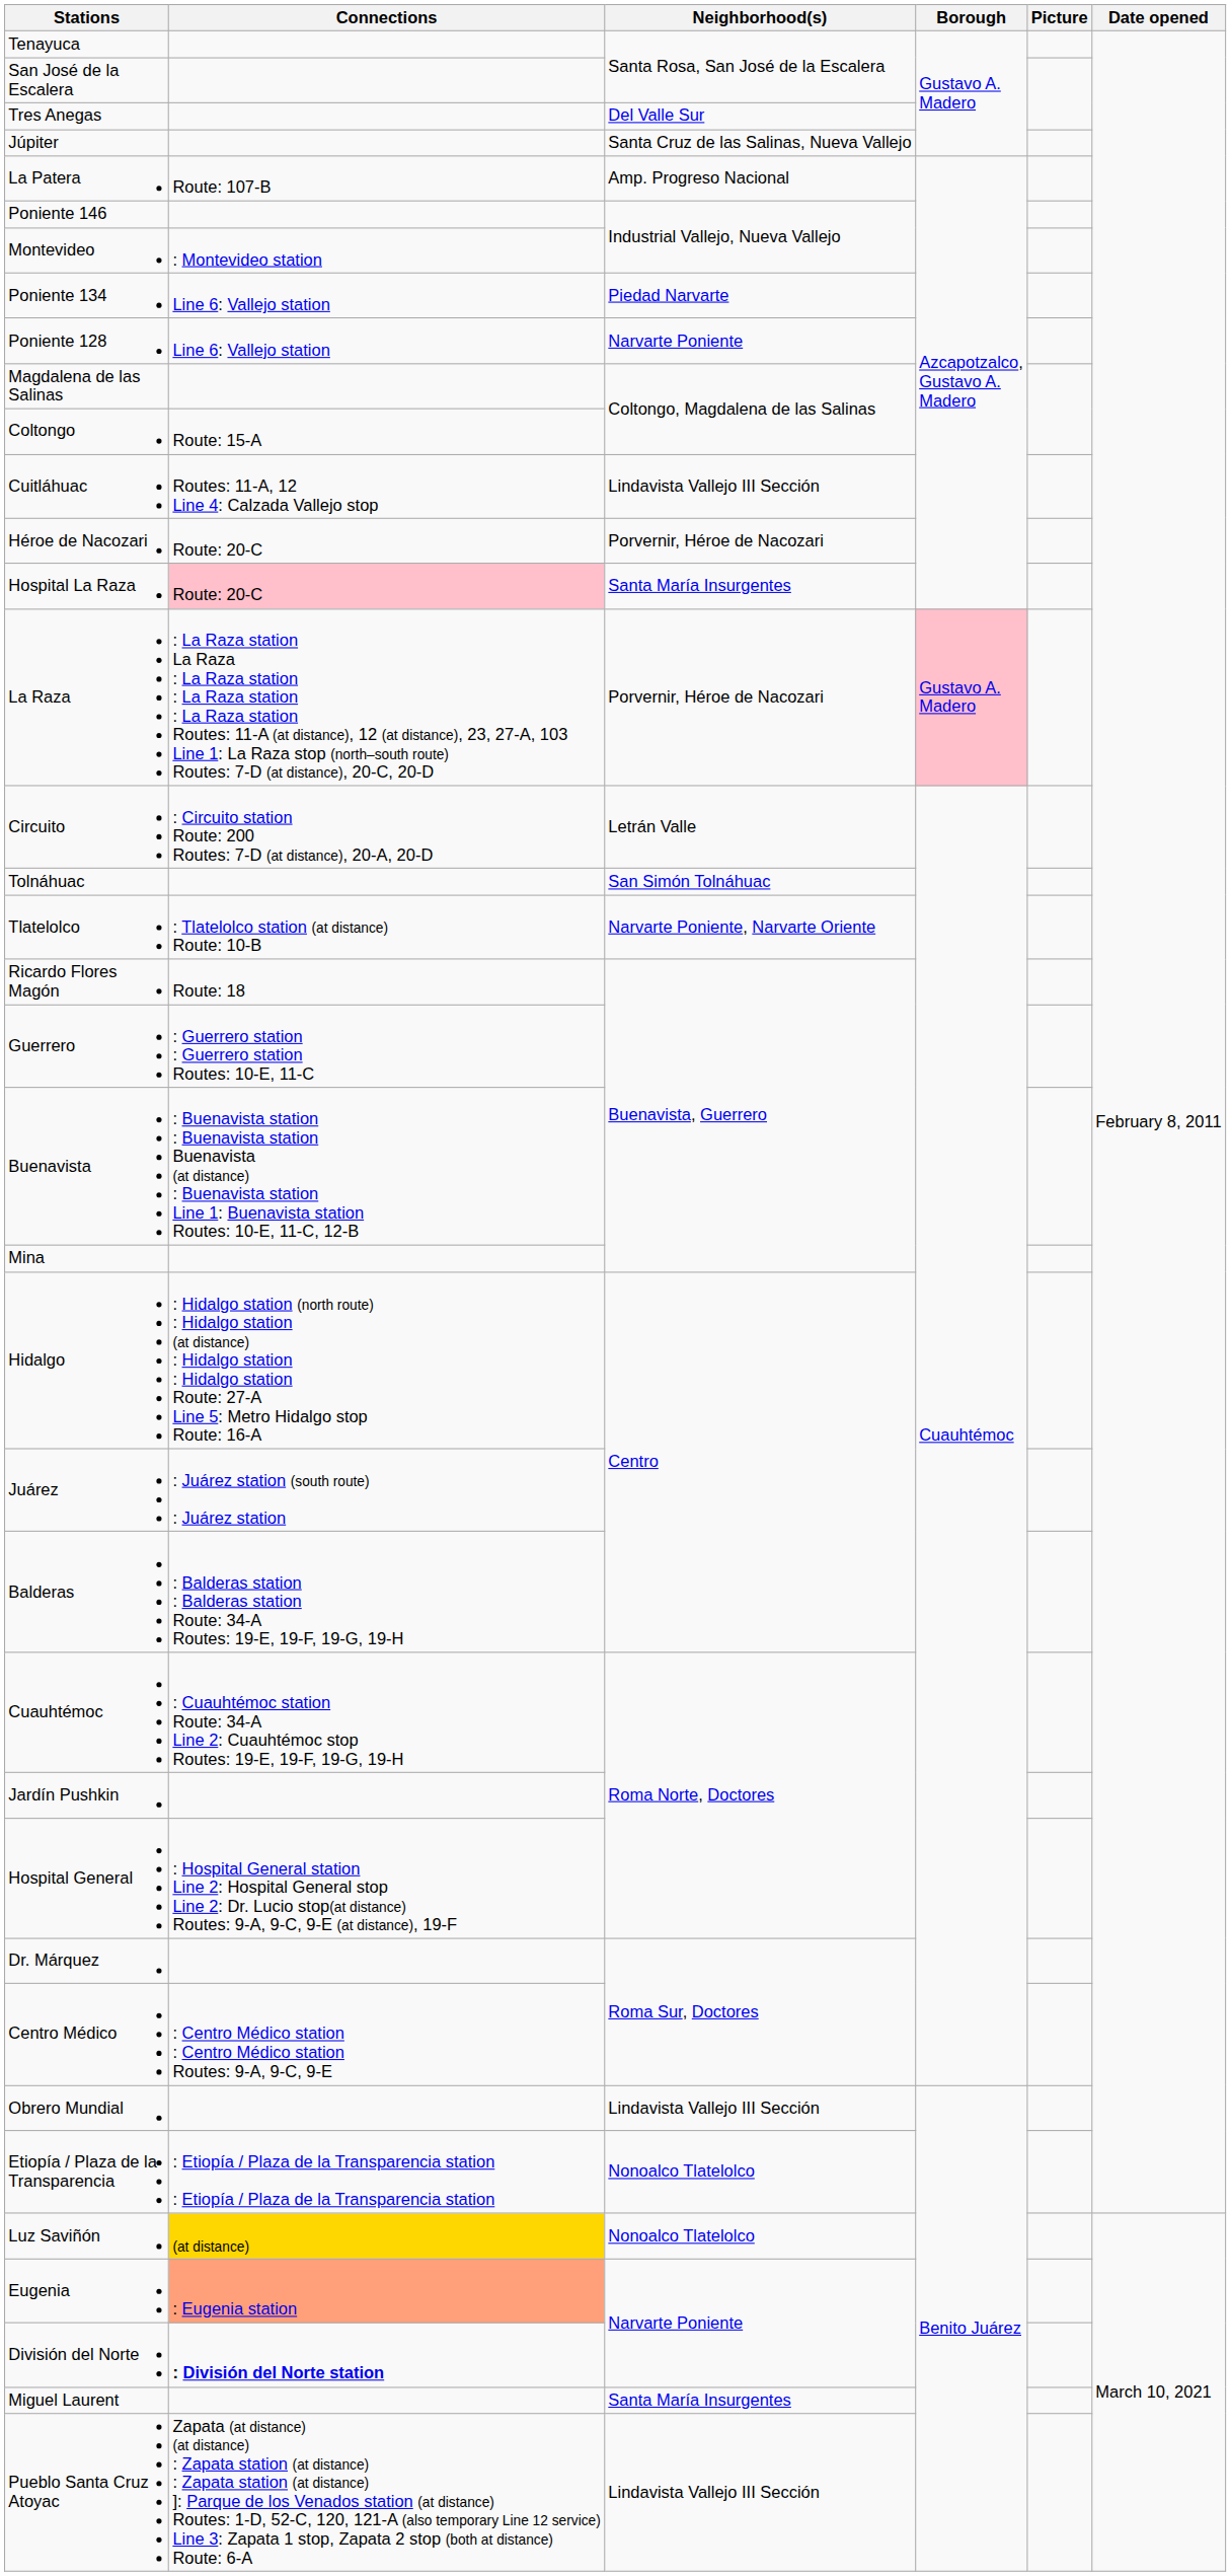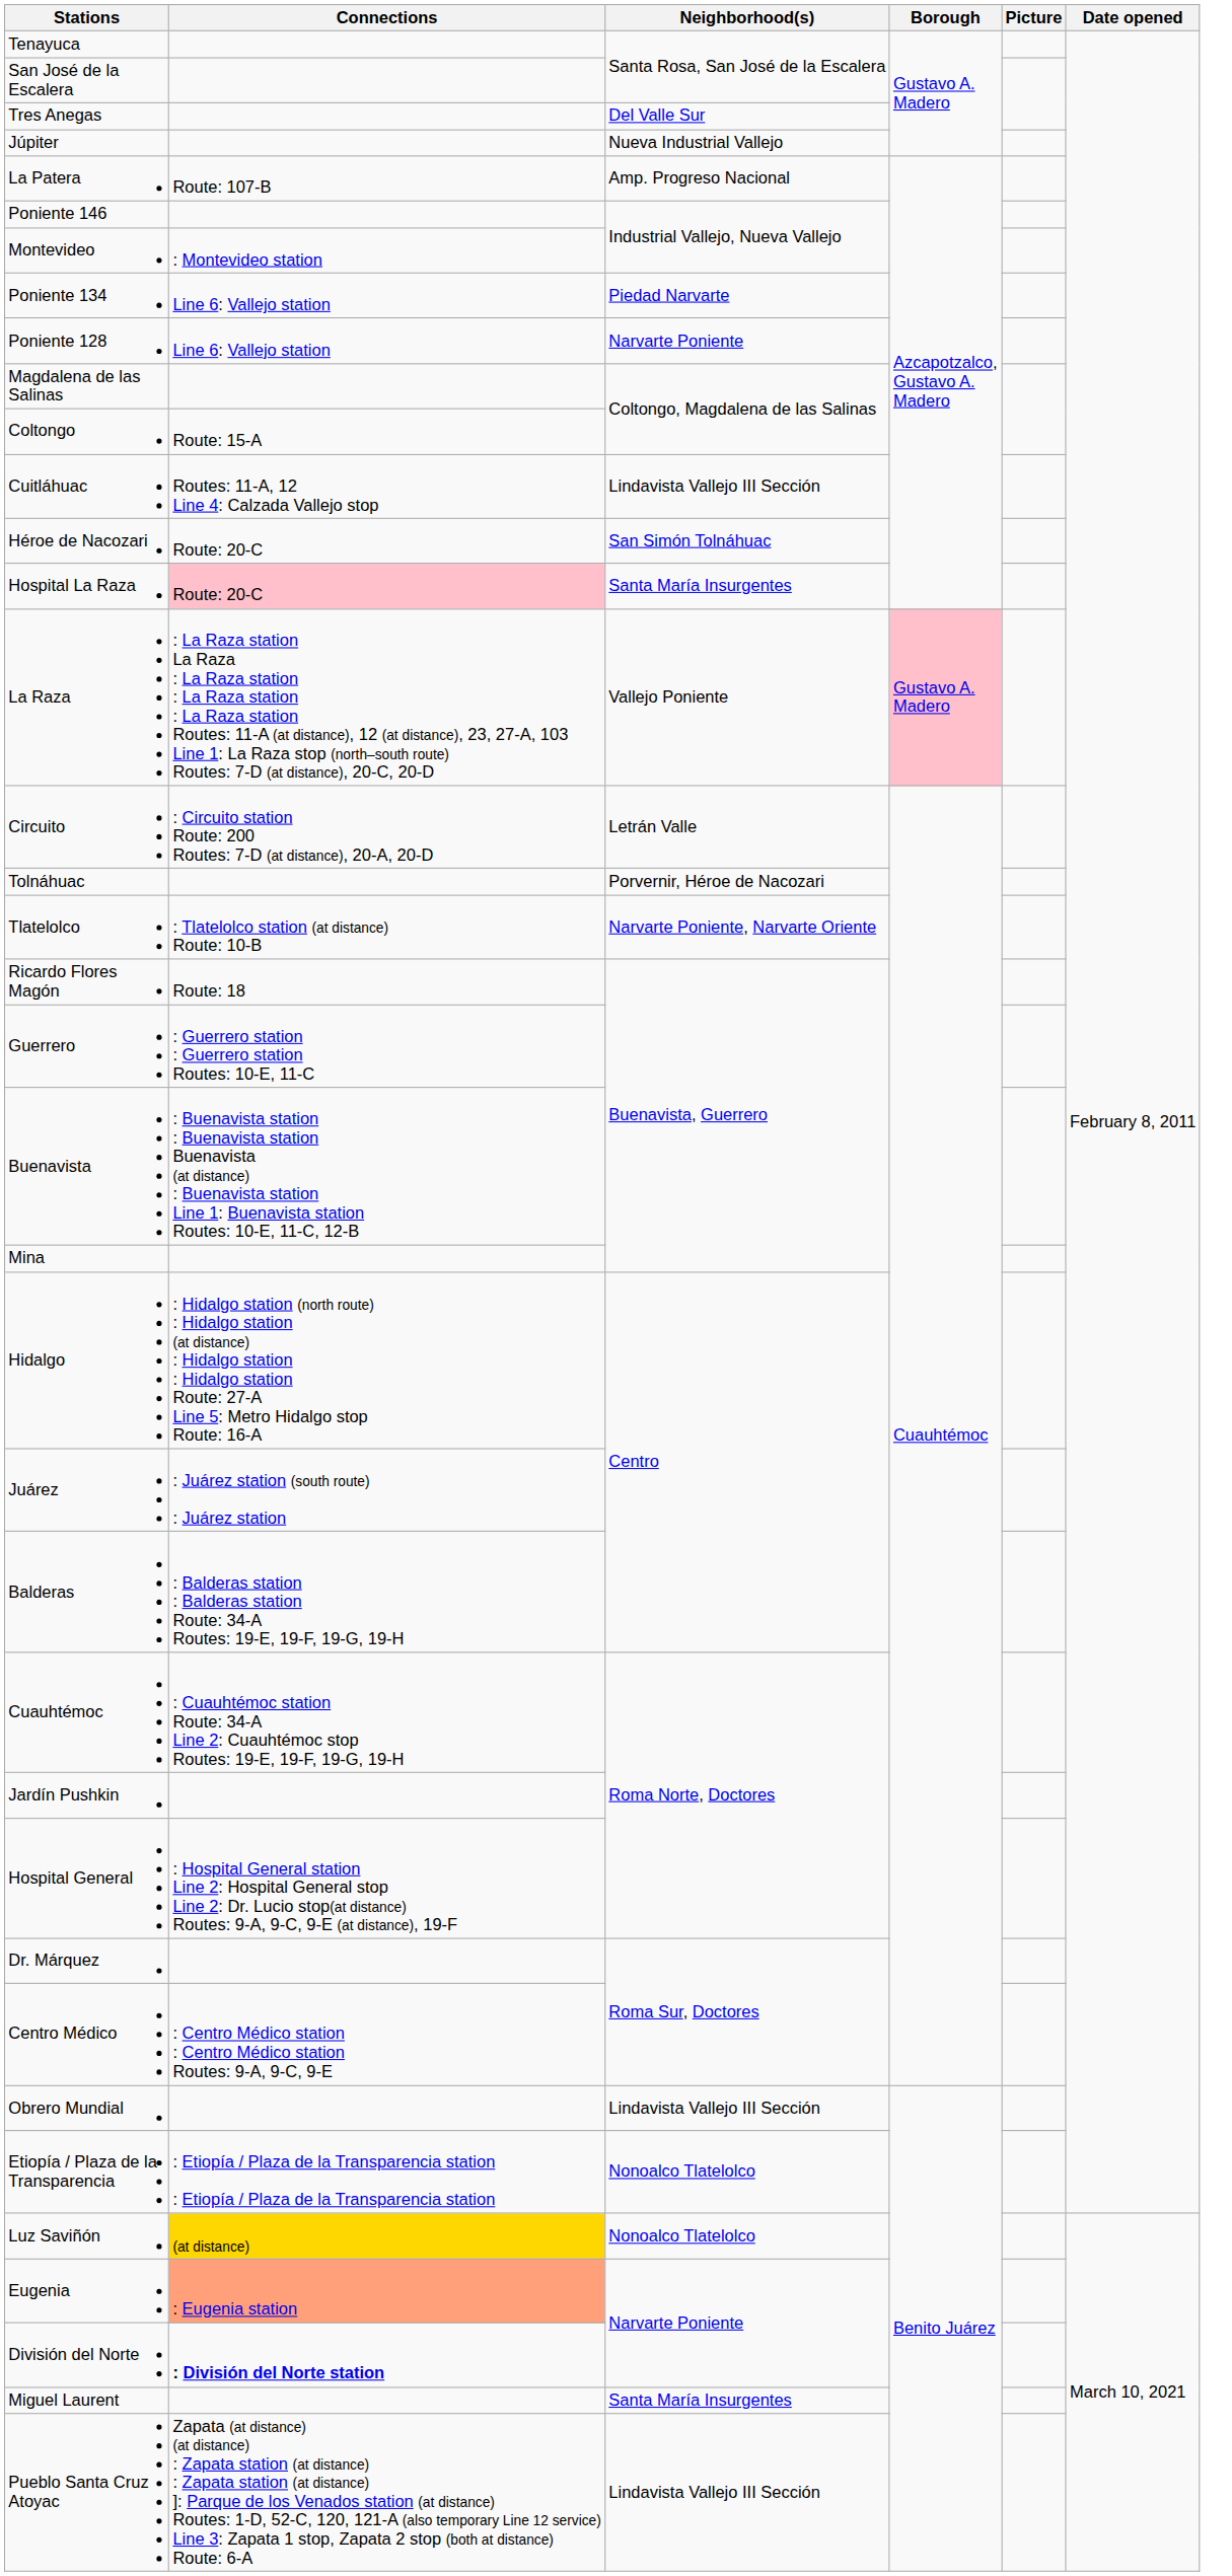 <table class="wikitable">
 <tr>
 <th width="150px">Stations</th>
 <th>Connections</th>
 <th>Neighborhood(s)</th>
 <th width="100px">Borough</th>
 <th>Picture</th>
 <th>Date opened</th>
 </tr>
 <tr>
 <td> Tenayuca</td>
 <td></td>
 <td rowspan=2>Santa Rosa, San José de la Escalera</td>
 <td rowspan=4><a href='#'>Gustavo A. Madero</a></td>
 <td></td>
 <td rowspan=32>February 8, 2011</td>
 </tr>
 <tr>
 <td> San José de la Escalera</td>
 <td></td>
 </tr>
 <tr>
 <td> Tres Anegas</td>
 <td></td>
 <td><a href='#'>Del Valle Sur</a></td>
 </tr>
 <tr>
 <td> Júpiter</td>
 <td></td>
-<td>Santa Cruz de las Salinas, Nueva Vallejo</td>
+<td>Nueva Industrial Vallejo</td>
 <td></td>
 </tr>
 <tr>
 <td> La Patera</td>
 <td><br><li> Route: 107-B</td>
 <td>Amp. Progreso Nacional</td>
 <td rowspan=10><a href='#'>Azcapotzalco</a>, <a href='#'>Gustavo A. Madero</a></td>
 </tr>
 <tr>
 <td> Poniente 146</td>
 <td></td>
 <td rowspan=2>Industrial Vallejo, Nueva Vallejo</td>
 <td></td>
 </tr>
 <tr>
 <td> Montevideo</td>
 <td><br><li> : <a href='#'>Montevideo station</a></td>
 <td></td>
 </tr>
 <tr>
 <td> Poniente 134</td>
 <td><br><li>  <a href='#'>Line 6</a>: <a href='#'>Vallejo station</a></td>
 <td><a href='#'>Piedad Narvarte</a></td>
 <td></td>
 </tr>
 <tr>
 <td> Poniente 128</td>
 <td><br><li>  <a href='#'>Line 6</a>: <a href='#'>Vallejo station</a></td>
 <td><a href='#'>Narvarte Poniente</a></td>
 <td></td>
 </tr>
 <tr>
 <td> Magdalena de las Salinas</td>
 <td></td>
 <td rowspan=2>Coltongo, Magdalena de las Salinas</td>
 </tr>
 <tr>
 <td> Coltongo</td>
 <td><br><li> Route: 15-A</td>
 </tr>
 <tr>
 <td> Cuitláhuac</td>
 <td><br><li> Routes: 11-A, 12</li> <li> <a href='#'>Line 4</a>: Calzada Vallejo stop</td>
 <td>Lindavista Vallejo III Sección</td>
 <td></td>
 </tr>
 <tr>
 <td> Héroe de Nacozari</td>
 <td><br><li> Route: 20-C</td>
-<td>Porvernir, Héroe de Nacozari</td>
+<td><a href='#'>San Simón Tolnáhuac</a></td>
 <td></td>
 </tr>
 <tr>
 <td> Hospital La Raza</td>
 <td style="background: pink;"><br><li> Route: 20-C</td>
 <td><a href='#'>Santa María Insurgentes</a></td>
 <td></td>
 </tr>
 <tr>
 <td> La Raza</td>
 <td><br><li> : <a href='#'>La Raza station</a></li> <li> La Raza</li> <li> : <a href='#'>La Raza station</a></li> <li> : <a href='#'>La Raza station</a></li> <li> : <a href='#'>La Raza station</a> </li> <li> Routes: 11-A <small>(at distance)</small>, 12 <small>(at distance)</small>, 23, 27-A, 103</li> <li> <a href='#'>Line 1</a>: La Raza stop <small>(north–south route)</small></li> <li> Routes: 7-D <small>(at distance)</small>, 20-C, 20-D</td>
-<td>Porvernir, Héroe de Nacozari</td>
+<td>Vallejo Poniente</td>
 <td style="background: pink;"><a href='#'>Gustavo A. Madero</a></td>
 <td></td>
 </tr>
 <tr>
 <td> Circuito</td>
 <td><br><li> : <a href='#'>Circuito station</a></li> <li> Route: 200</li> <li> Routes: 7-D <small>(at distance)</small>, 20-A, 20-D</td>
 <td>Letrán Valle</td>
 <td rowspan=15><a href='#'>Cuauhtémoc</a></td>
 <td></td>
 </tr>
 <tr>
 <td> Tolnáhuac</td>
 <td></td>
-<td><a href='#'>San Simón Tolnáhuac</a></td>
+<td>Porvernir, Héroe de Nacozari</td>
 <td></td>
 </tr>
 <tr>
 <td> Tlatelolco</td>
 <td><br><li> : <a href='#'>Tlatelolco station</a> <small>(at distance)</small></li> <li> Route: 10-B</td>
 <td><a href='#'>Narvarte Poniente</a>, <a href='#'>Narvarte Oriente</a></td>
 <td></td>
 </tr>
 <tr>
 <td> Ricardo Flores Magón</td>
 <td><br><li> Route: 18</td>
 <td rowspan=4><a href='#'>Buenavista</a>, <a href='#'>Guerrero</a></td>
 <td></td>
 </tr>
 <tr>
 <td> Guerrero</td>
 <td><br><li> : <a href='#'>Guerrero station</a></li> <li> : <a href='#'>Guerrero station</a></li> <li> Routes: 10-E, 11-C</td>
 <td></td>
 </tr>
 <tr>
 <td> Buenavista</td>
 <td><br><li> : <a href='#'>Buenavista station</a></li> <li> : <a href='#'>Buenavista station</a></li> <li> Buenavista</li> <li> <small>(at distance)</small></li> <li> : <a href='#'>Buenavista station</a></li> <li> <a href='#'>Line 1</a>: <a href='#'>Buenavista station</a></li> <li> Routes: 10-E, 11-C, 12-B</td>
 <td></td>
 </tr>
 <tr>
 <td> Mina</td>
 <td></td>
 <td></td>
 </tr>
 <tr>
 <td> Hidalgo</td>
 <td><br><li> : <a href='#'>Hidalgo station</a> <small>(north route)</small></li> <li> : <a href='#'>Hidalgo station</a></li> <li> <small>(at distance)</small></li> <li> : <a href='#'>Hidalgo station</a></li> <li> : <a href='#'>Hidalgo station</a></li> <li> Route: 27-A</li> <li> <a href='#'>Line 5</a>: Metro Hidalgo stop</li> <li> Route: 16-A</td>
 <td rowspan=3><a href='#'>Centro</a></td>
 <td></td>
 </tr>
 <tr>
 <td> Juárez</td>
 <td><br><li> : <a href='#'>Juárez station</a> <small>(south route)</small></li> <li></li> <li> : <a href='#'>Juárez station</a></td>
 <td></td>
 </tr>
 <tr>
 <td> Balderas</td>
 <td><br><li></li> <li> : <a href='#'>Balderas station</a></li> <li> : <a href='#'>Balderas station</a></li> <li> Route: 34-A</li> <li> Routes: 19-E, 19-F, 19-G, 19-H</td>
 <td></td>
 </tr>
 <tr>
 <td> Cuauhtémoc</td>
 <td><br><li></li> <li> : <a href='#'>Cuauhtémoc station</a></li> <li> Route: 34-A</li> <li> <a href='#'>Line 2</a>: Cuauhtémoc stop</li> <li> Routes: 19-E, 19-F, 19-G, 19-H</td>
 <td rowspan=3><a href='#'>Roma Norte</a>, <a href='#'>Doctores</a></td>
 <td></td>
 </tr>
 <tr>
 <td> Jardín Pushkin</td>
 <td><br><li></td>
 <td></td>
 </tr>
 <tr>
 <td> Hospital General</td>
 <td><br><li></li> <li> : <a href='#'>Hospital General station</a></li> <li> <a href='#'>Line 2</a>: Hospital General stop</li> <li> <a href='#'>Line 2</a>: Dr. Lucio stop<small>(at distance)</small></li> <li> Routes: 9-A, 9-C, 9-E <small>(at distance)</small>, 19-F</td>
 <td></td>
 </tr>
 <tr>
 <td> Dr. Márquez</td>
 <td><br><li></td>
 <td rowspan=2><a href='#'>Roma Sur</a>, <a href='#'>Doctores</a></td>
 <td></td>
 </tr>
 <tr>
 <td> Centro Médico</td>
 <td><br><li></li> <li> : <a href='#'>Centro Médico station</a></li> <li> : <a href='#'>Centro Médico station</a></li> <li> Routes: 9-A, 9-C, 9-E</td>
 <td></td>
 </tr>
 <tr>
 <td> Obrero Mundial</td>
 <td><br><li></td>
 <td>Lindavista Vallejo III Sección</td>
 <td rowspan=7><a href='#'>Benito Juárez</a></td>
 <td></td>
 </tr>
 <tr>
 <td> Etiopía / Plaza de la Transparencia</td>
 <td><br><li> : <a href='#'>Etiopía / Plaza de la Transparencia station</a></li> <li></li> <li> : <a href='#'>Etiopía / Plaza de la Transparencia station</a></td>
 <td><a href='#'>Nonoalco Tlatelolco</a></td>
 <td></td>
 </tr>
 <tr>
 <td> Luz Saviñón</td>
 <td style="background: gold;"><br><li> <small>(at distance)</small></td>
 <td><a href='#'>Nonoalco Tlatelolco</a></td>
 <td></td>
 <td rowspan=5>March 10, 2021</td>
 </tr>
 <tr>
 <td> Eugenia</td>
 <td style="background: lightsalmon;"><br><li></li> <li> : <a href='#'>Eugenia station</a></td>
 <td rowspan=2><a href='#'>Narvarte Poniente</a></td>
 <td></td>
 </tr>
 <tr>
 <td> División del Norte</td>
 <td><strong><br><li></li> <li> : <a href='#'>División del Norte station</a></strong></td>
 <td></td>
 </tr>
 <tr>
 <td> Miguel Laurent</td>
 <td></td>
 <td><a href='#'>Santa María Insurgentes</a></td>
 <td></td>
 </tr>
 <tr>
 <td> Pueblo Santa Cruz Atoyac</td>
 <td><li> Zapata <small>(at distance)</small><br><li> <small>(at distance)</small></li> <li> : <a href='#'>Zapata station</a> <small>(at distance)</small></li> <li> : <a href='#'>Zapata station</a> <small>(at distance)</small></li> <li> ]: <a href='#'>Parque de los Venados station</a> <small>(at distance)</small></li> <li> Routes: 1-D, 52-C, 120, 121-A <small>(also temporary Line 12 service)</small></li> <li> <a href='#'>Line 3</a>: Zapata 1 stop, Zapata 2 stop <small>(both at distance)</small></li> <li> Route: 6-A</td>
 <td>Lindavista Vallejo III Sección</td>
 <td></td>
 </tr>
 </table>
